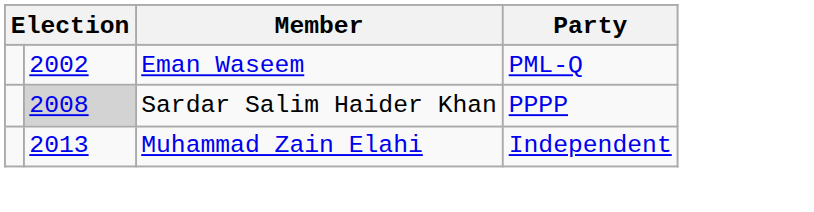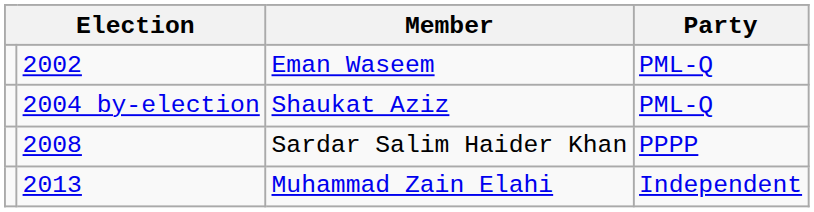 <table class="wikitable">
 <tr>
 <th colspan="2">Election</th>
 <th>Member</th>
 <th>Party</th>
 </tr>
 <tr>
 <td style="background-color: "></td>
 <td><a href='#'>2002</a></td>
 <td><a href='#'>Eman Waseem</a></td>
 <td><a href='#'>PML-Q</a></td>
 </tr>
 <tr>
 <td style="background-color: "></td>
-<td style="background: lightgrey;"><a href='#'>2008</a></td>
+<td><a href='#'>2004 by-election</a></td>
+<td><a href='#'>Shaukat Aziz</a></td>
+<td><a href='#'>PML-Q</a></td>
+</tr>
+<tr>
+<td style="background-color: "></td>
+<td><a href='#'>2008</a></td>
 <td>Sardar Salim Haider Khan</td>
 <td><a href='#'>PPPP</a></td>
 </tr>
 <tr>
 <td style="background-color: "></td>
 <td><a href='#'>2013</a></td>
 <td><a href='#'>Muhammad Zain Elahi</a></td>
 <td><a href='#'>Independent</a></td>
 </tr>
 </table>
